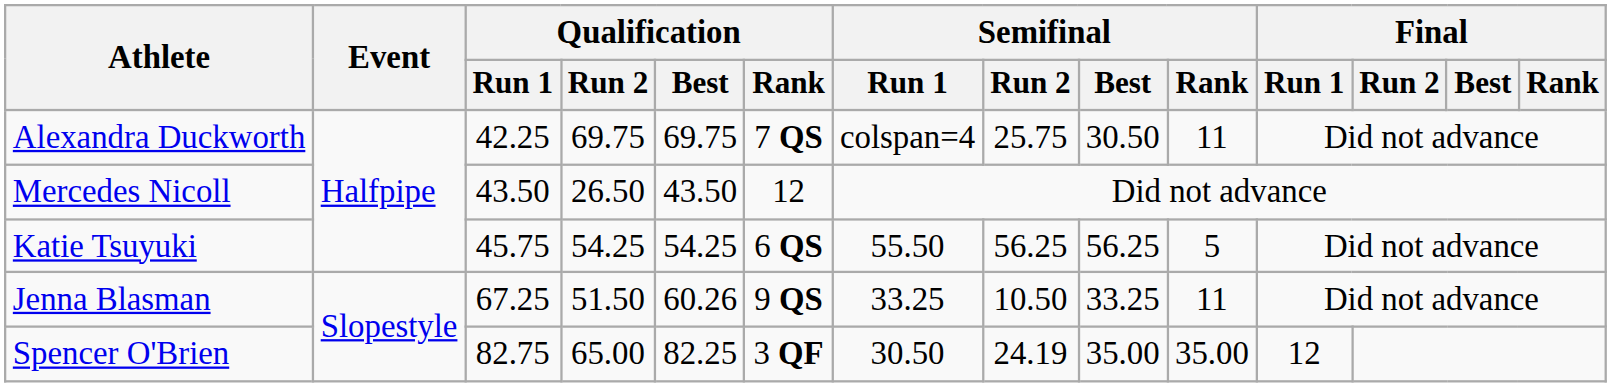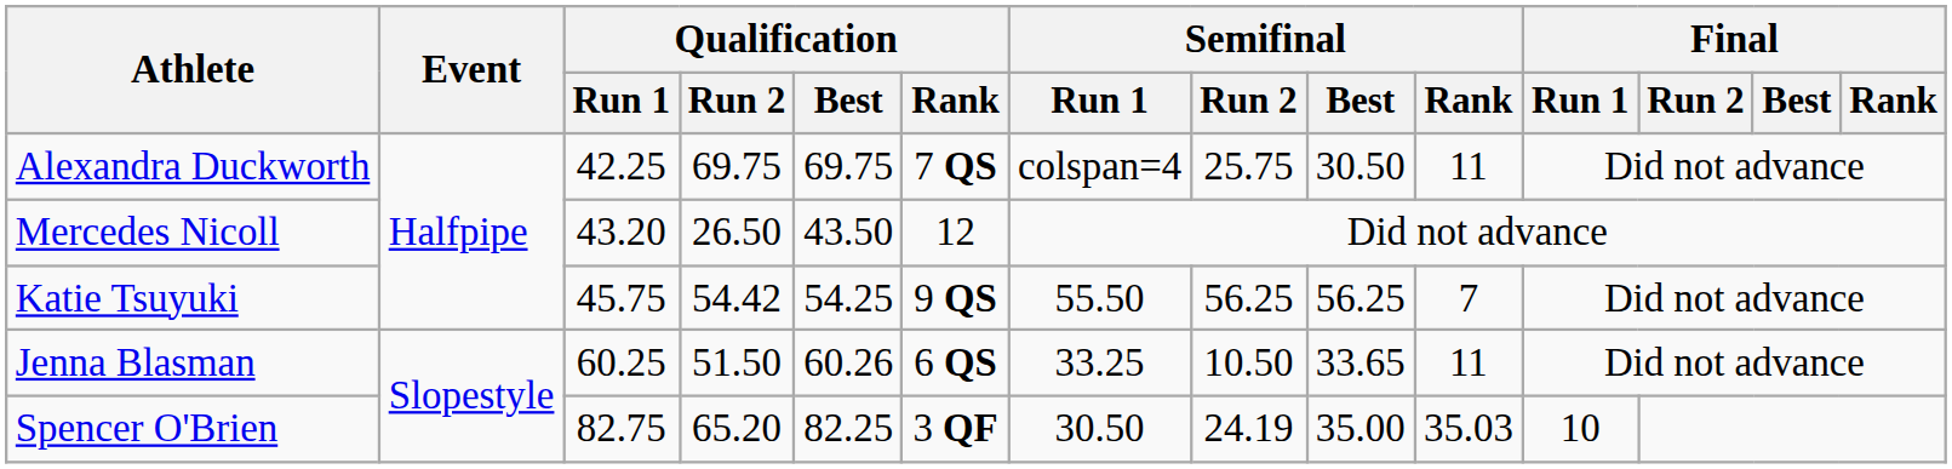 <table class="wikitable" style="font-size:90%">
 <tr>
 <th rowspan="2">Athlete</th>
 <th rowspan="2">Event</th>
 <th colspan="4">Qualification</th>
 <th colspan="4">Semifinal</th>
 <th colspan="4">Final</th>
 </tr>
 <tr style="font-size:95%">
 <th>Run 1</th>
 <th>Run 2</th>
 <th>Best</th>
 <th>Rank</th>
 <th>Run 1</th>
 <th>Run 2</th>
 <th>Best</th>
 <th>Rank</th>
 <th>Run 1</th>
 <th>Run 2</th>
 <th>Best</th>
 <th>Rank</th>
 </tr>
 <tr align=center>
 <td align=left><a href='#'>Alexandra Duckworth</a></td>
 <td align=left rowspan="3"><a href='#'>Halfpipe</a></td>
 <td>42.25</td>
 <td>69.75</td>
 <td>69.75</td>
 <td>7 <strong>QS</strong></td>
 <td>colspan=4 </td>
 <td>25.75</td>
 <td>30.50</td>
 <td>11</td>
 <td colspan=4>Did not advance</td>
 </tr>
 <tr align=center>
 <td align=left><a href='#'>Mercedes Nicoll</a></td>
-<td>43.50</td>
+<td>43.20</td>
 <td>26.50</td>
 <td>43.50</td>
 <td>12</td>
 <td colspan=8>Did not advance</td>
 </tr>
 <tr align=center>
 <td align=left><a href='#'>Katie Tsuyuki</a></td>
 <td>45.75</td>
+<td>54.42</td>
 <td>54.25</td>
-<td>54.25</td>
-<td>6 <strong>QS</strong></td>
+<td>9 <strong>QS</strong></td>
 <td>55.50</td>
 <td>56.25</td>
 <td>56.25</td>
-<td>5</td>
+<td>7</td>
 <td colspan=4>Did not advance</td>
 </tr>
 <tr align=center>
 <td align=left><a href='#'>Jenna Blasman</a></td>
 <td align=left rowspan="2"><a href='#'>Slopestyle</a></td>
-<td>67.25</td>
+<td>60.25</td>
 <td>51.50</td>
 <td>60.26</td>
-<td>9 <strong>QS</strong></td>
+<td>6 <strong>QS</strong></td>
 <td>33.25</td>
 <td>10.50</td>
-<td>33.25</td>
+<td>33.65</td>
 <td>11</td>
 <td colspan=4>Did not advance</td>
 </tr>
 <tr align=center>
 <td align=left><a href='#'>Spencer O'Brien</a></td>
 <td>82.75</td>
-<td>65.00</td>
+<td>65.20</td>
 <td>82.25</td>
 <td>3 <strong>QF</strong></td>
 <td>30.50</td>
 <td>24.19</td>
 <td>35.00</td>
-<td>35.00</td>
-<td>12</td>
+<td>35.03</td>
+<td>10</td>
 </tr>
 </table>
